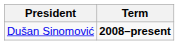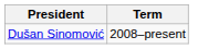 <table class="wikitable">
 <tr>
 <th>President</th>
 <th>Term</th>
 </tr>
 <tr>
 <td><a href='#'>Dušan Sinomović</a></td>
-<td><strong>2008–present</strong></td>
+<td>2008–present</td>
 </tr>
 </table>
